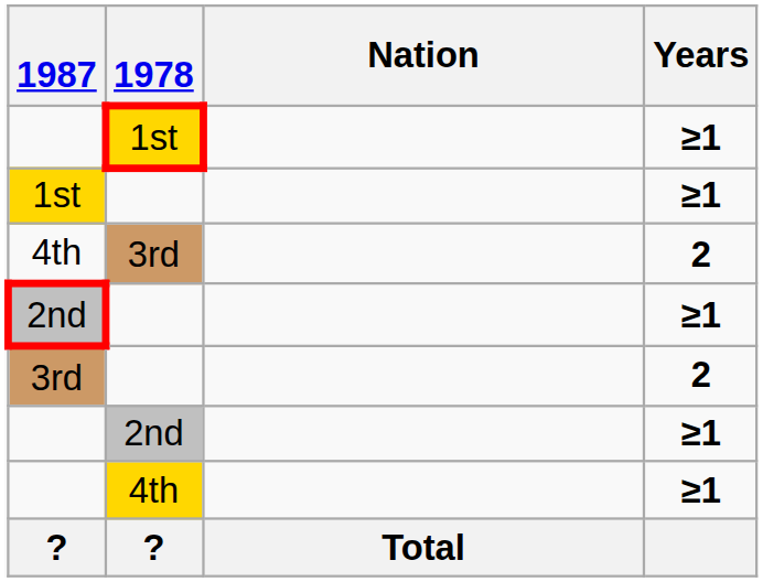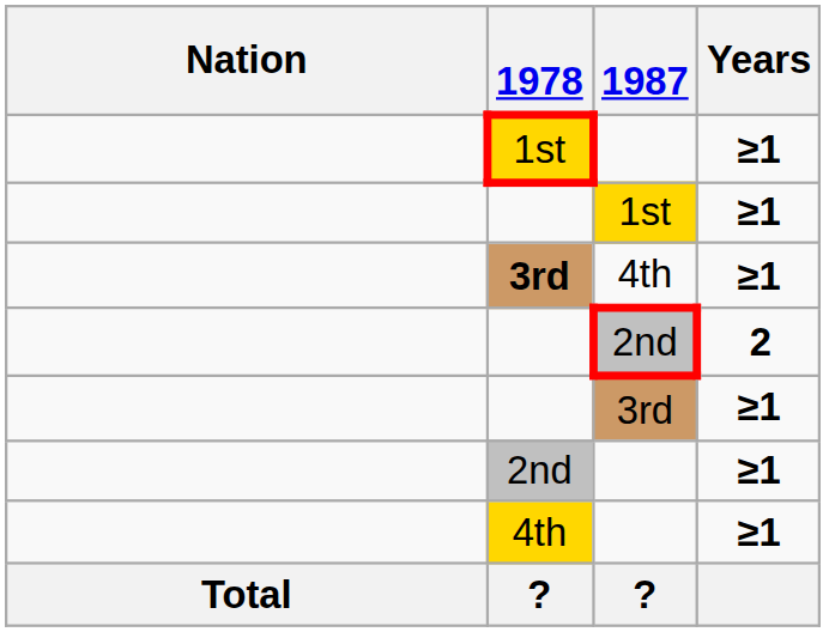 <table class="wikitable" style="text-align:center; font-size:90%">
 <tr>
+<th width=170>Nation</th>
+<th><br><a href='#'>1978</a></th>
 <th><br><a href='#'>1987</a></th>
-<th><br><a href='#'>1978</a></th>
-<th width=170>Nation</th>
 <th>Years</th>
 </tr>
 <tr>
+<td align=left></td>
+<td style="border:3px solid red; background:gold;">1st</td>
 <td></td>
-<td style="border:3px solid red; background:gold;">1st</td>
-<td align=left></td>
 <td><strong>≥1</strong></td>
 </tr>
 <tr>
+<td align=left></td>
+<td></td>
 <td style="background:gold;">1st</td>
-<td></td>
-<td align=left></td>
 <td><strong>≥1</strong></td>
 </tr>
 <tr>
+<td align=left></td>
+<td style="background:#c96;"><strong>3rd</strong></td>
 <td>4th</td>
-<td style="background:#c96;">3rd</td>
+<td><strong>≥1</strong></td>
+</tr>
+<tr>
 <td align=left></td>
+<td></td>
+<td style="border:3px solid red; background:silver;">2nd</td>
 <td><strong>2</strong></td>
 </tr>
 <tr>
-<td style="border:3px solid red; background:silver;">2nd</td>
+<td align=left></td>
 <td></td>
-<td align=left></td>
+<td style="background:#c96">3rd</td>
 <td><strong>≥1</strong></td>
 </tr>
 <tr>
-<td style="background:#c96">3rd</td>
+<td align=left></td>
+<td style="background:silver;">2nd</td>
 <td></td>
-<td align=left></td>
-<td><strong>2</strong></td>
-</tr>
-<tr>
-<td></td>
-<td style="background:silver;">2nd</td>
-<td align=left></td>
 <td><strong>≥1</strong></td>
 </tr>
 <tr>
+<td align=left></td>
+<td style="background: gold;">4th</td>
 <td></td>
-<td style="background: gold;">4th</td>
-<td align=left></td>
 <td><strong>≥1</strong></td>
 </tr>
 <tr>
+<th>Total</th>
 <th>?</th>
 <th>?</th>
-<th>Total</th>
 <th></th>
 </tr>
 </table>
